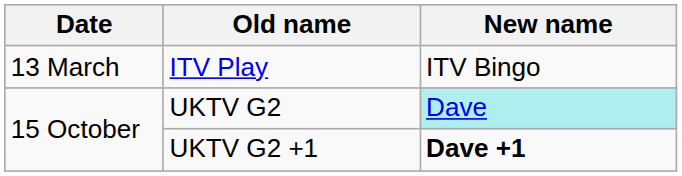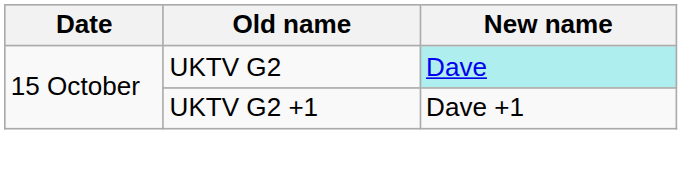 <table class="wikitable">
 <tr>
 <th width=90>Date</th>
 <th width=150>Old name</th>
 <th width=150>New name</th>
-</tr>
-<tr>
-<td>13 March</td>
-<td><a href='#'>ITV Play</a></td>
-<td>ITV Bingo</td>
 </tr>
 <tr>
 <td rowspan=2>15 October</td>
 <td>UKTV G2</td>
 <td style="background: paleturquoise;"><a href='#'>Dave</a></td>
 </tr>
 <tr>
 <td>UKTV G2 +1</td>
-<td><strong>Dave +1</strong></td>
+<td>Dave +1</td>
 </tr>
 </table>
